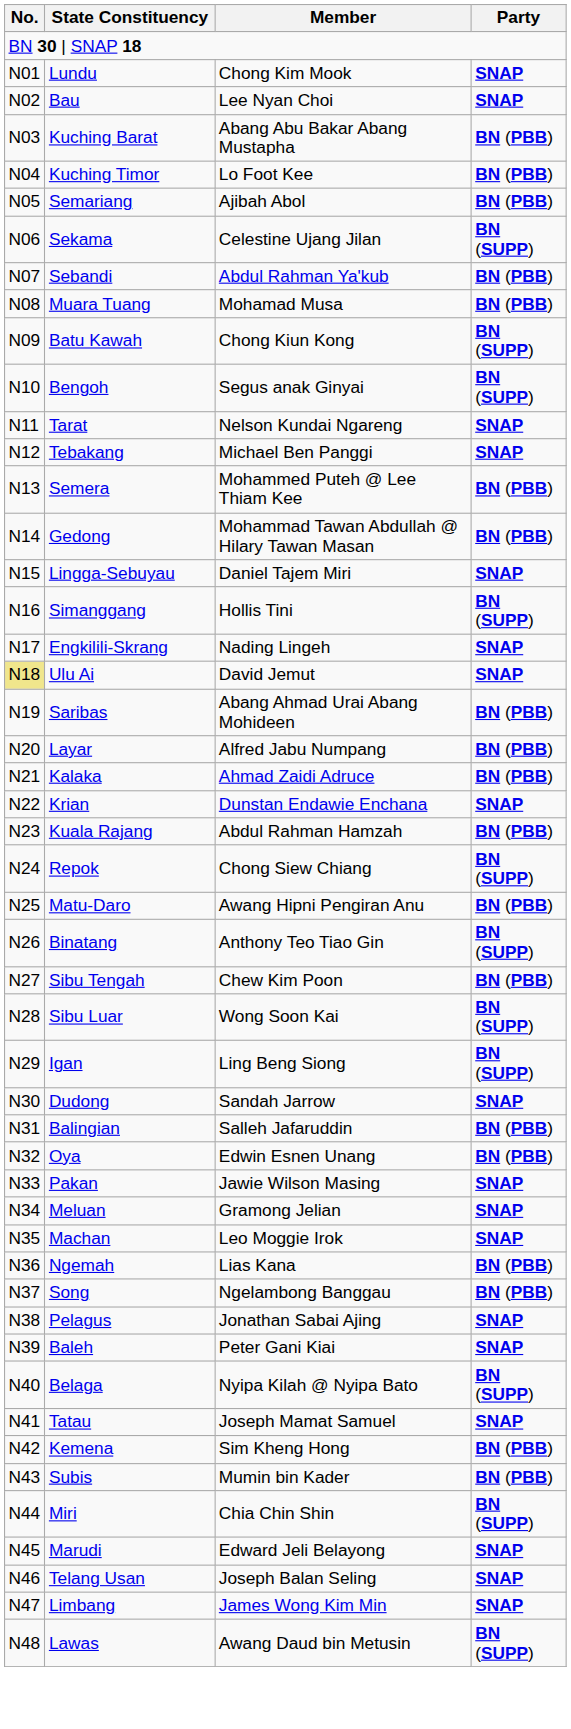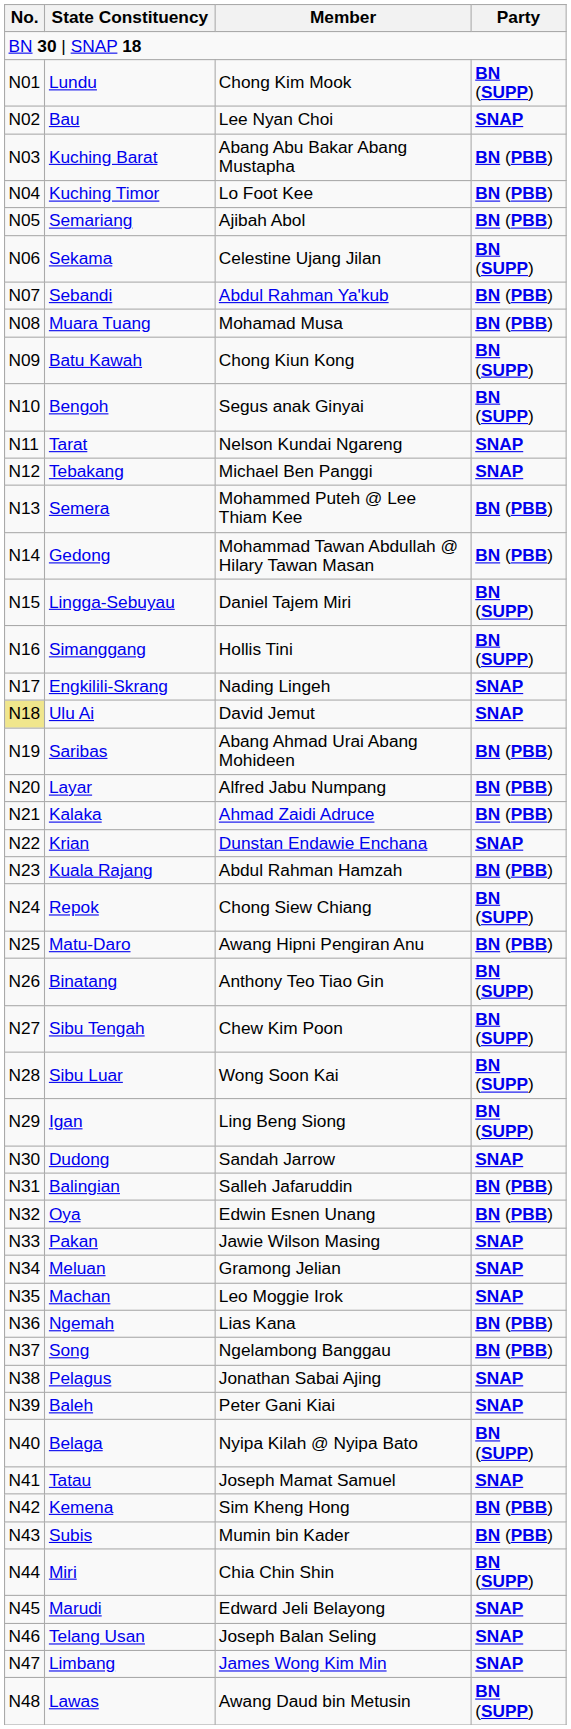 <table class="wikitable sortable">
 <tr>
 <th style="width:30px;">No.</th>
 <th style="width:150px;">State Constituency</th>
 <th style="width:230px;">Member</th>
 <th style="width:80px;">Party</th>
 </tr>
 <tr>
 <td colspan="4"><a href='#'>BN</a> <strong>30</strong> | <a href='#'>SNAP</a> <strong>18</strong></td>
 </tr>
 <tr>
 <td>N01</td>
 <td><a href='#'>Lundu</a></td>
 <td>Chong Kim Mook</td>
-<td><strong><a href='#'>SNAP</a></strong></td>
+<td><strong><a href='#'>BN</a></strong> (<strong><a href='#'>SUPP</a></strong>)</td>
 </tr>
 <tr>
 <td>N02</td>
 <td><a href='#'>Bau</a></td>
 <td>Lee Nyan Choi</td>
 <td><strong><a href='#'>SNAP</a></strong></td>
 </tr>
 <tr>
 <td>N03</td>
 <td><a href='#'>Kuching Barat</a></td>
 <td>Abang Abu Bakar Abang Mustapha</td>
 <td><strong><a href='#'>BN</a></strong> (<strong><a href='#'>PBB</a></strong>)</td>
 </tr>
 <tr>
 <td>N04</td>
 <td><a href='#'>Kuching Timor</a></td>
 <td>Lo Foot Kee</td>
 <td><strong><a href='#'>BN</a></strong> (<strong><a href='#'>PBB</a></strong>)</td>
 </tr>
 <tr>
 <td>N05</td>
 <td><a href='#'>Semariang</a></td>
 <td>Ajibah Abol</td>
 <td><strong><a href='#'>BN</a></strong> (<strong><a href='#'>PBB</a></strong>)</td>
 </tr>
 <tr>
 <td>N06</td>
 <td><a href='#'>Sekama</a></td>
 <td>Celestine Ujang Jilan</td>
 <td><strong><a href='#'>BN</a></strong> (<strong><a href='#'>SUPP</a></strong>)</td>
 </tr>
 <tr>
 <td>N07</td>
 <td><a href='#'>Sebandi</a></td>
 <td><a href='#'>Abdul Rahman Ya'kub</a></td>
 <td><strong><a href='#'>BN</a></strong> (<strong><a href='#'>PBB</a></strong>)</td>
 </tr>
 <tr>
 <td>N08</td>
 <td><a href='#'>Muara Tuang</a></td>
 <td>Mohamad Musa</td>
 <td><strong><a href='#'>BN</a></strong> (<strong><a href='#'>PBB</a></strong>)</td>
 </tr>
 <tr>
 <td>N09</td>
 <td><a href='#'>Batu Kawah</a></td>
 <td>Chong Kiun Kong</td>
 <td><strong><a href='#'>BN</a></strong> (<strong><a href='#'>SUPP</a></strong>)</td>
 </tr>
 <tr>
 <td>N10</td>
 <td><a href='#'>Bengoh</a></td>
 <td>Segus anak Ginyai</td>
 <td><strong><a href='#'>BN</a></strong> (<strong><a href='#'>SUPP</a></strong>)</td>
 </tr>
 <tr>
 <td>N11</td>
 <td><a href='#'>Tarat</a></td>
 <td>Nelson Kundai Ngareng</td>
 <td><strong><a href='#'>SNAP</a></strong></td>
 </tr>
 <tr>
 <td>N12</td>
 <td><a href='#'>Tebakang</a></td>
 <td>Michael Ben Panggi</td>
 <td><strong><a href='#'>SNAP</a></strong></td>
 </tr>
 <tr>
 <td>N13</td>
 <td><a href='#'>Semera</a></td>
 <td>Mohammed Puteh @ Lee Thiam Kee</td>
 <td><strong><a href='#'>BN</a></strong> (<strong><a href='#'>PBB</a></strong>)</td>
 </tr>
 <tr>
 <td>N14</td>
 <td><a href='#'>Gedong</a></td>
 <td>Mohammad Tawan Abdullah @ Hilary Tawan Masan</td>
 <td><strong><a href='#'>BN</a></strong> (<strong><a href='#'>PBB</a></strong>)</td>
 </tr>
 <tr>
 <td>N15</td>
 <td><a href='#'>Lingga-Sebuyau</a></td>
 <td>Daniel Tajem Miri</td>
-<td><strong><a href='#'>SNAP</a></strong></td>
+<td><strong><a href='#'>BN</a></strong> (<strong><a href='#'>SUPP</a></strong>)</td>
 </tr>
 <tr>
 <td>N16</td>
 <td><a href='#'>Simanggang</a></td>
 <td>Hollis Tini</td>
 <td><strong><a href='#'>BN</a></strong> (<strong><a href='#'>SUPP</a></strong>)</td>
 </tr>
 <tr>
 <td>N17</td>
 <td><a href='#'>Engkilili-Skrang</a></td>
 <td>Nading Lingeh</td>
 <td><strong><a href='#'>SNAP</a></strong></td>
 </tr>
 <tr>
 <td style="background: khaki;">N18</td>
 <td><a href='#'>Ulu Ai</a></td>
 <td>David Jemut</td>
 <td><strong><a href='#'>SNAP</a></strong></td>
 </tr>
 <tr>
 <td>N19</td>
 <td><a href='#'>Saribas</a></td>
 <td>Abang Ahmad Urai Abang Mohideen</td>
 <td><strong><a href='#'>BN</a></strong> (<strong><a href='#'>PBB</a></strong>)</td>
 </tr>
 <tr>
 <td>N20</td>
 <td><a href='#'>Layar</a></td>
 <td>Alfred Jabu Numpang</td>
 <td><strong><a href='#'>BN</a></strong> (<strong><a href='#'>PBB</a></strong>)</td>
 </tr>
 <tr>
 <td>N21</td>
 <td><a href='#'>Kalaka</a></td>
 <td><a href='#'>Ahmad Zaidi Adruce</a></td>
 <td><strong><a href='#'>BN</a></strong> (<strong><a href='#'>PBB</a></strong>)</td>
 </tr>
 <tr>
 <td>N22</td>
 <td><a href='#'>Krian</a></td>
 <td><a href='#'>Dunstan Endawie Enchana</a></td>
 <td><strong><a href='#'>SNAP</a></strong></td>
 </tr>
 <tr>
 <td>N23</td>
 <td><a href='#'>Kuala Rajang</a></td>
 <td>Abdul Rahman Hamzah</td>
 <td><strong><a href='#'>BN</a></strong> (<strong><a href='#'>PBB</a></strong>)</td>
 </tr>
 <tr>
 <td>N24</td>
 <td><a href='#'>Repok</a></td>
 <td>Chong Siew Chiang</td>
 <td><strong><a href='#'>BN</a></strong> (<strong><a href='#'>SUPP</a></strong>)</td>
 </tr>
 <tr>
 <td>N25</td>
 <td><a href='#'>Matu-Daro</a></td>
 <td>Awang Hipni Pengiran Anu</td>
 <td><strong><a href='#'>BN</a></strong> (<strong><a href='#'>PBB</a></strong>)</td>
 </tr>
 <tr>
 <td>N26</td>
 <td><a href='#'>Binatang</a></td>
 <td>Anthony Teo Tiao Gin</td>
 <td><strong><a href='#'>BN</a></strong> (<strong><a href='#'>SUPP</a></strong>)</td>
 </tr>
 <tr>
 <td>N27</td>
 <td><a href='#'>Sibu Tengah</a></td>
 <td>Chew Kim Poon</td>
-<td><strong><a href='#'>BN</a></strong> (<strong><a href='#'>PBB</a></strong>)</td>
+<td><strong><a href='#'>BN</a></strong> (<strong><a href='#'>SUPP</a></strong>)</td>
 </tr>
 <tr>
 <td>N28</td>
 <td><a href='#'>Sibu Luar</a></td>
 <td>Wong Soon Kai</td>
 <td><strong><a href='#'>BN</a></strong> (<strong><a href='#'>SUPP</a></strong>)</td>
 </tr>
 <tr>
 <td>N29</td>
 <td><a href='#'>Igan</a></td>
 <td>Ling Beng Siong</td>
 <td><strong><a href='#'>BN</a></strong> (<strong><a href='#'>SUPP</a></strong>)</td>
 </tr>
 <tr>
 <td>N30</td>
 <td><a href='#'>Dudong</a></td>
 <td>Sandah Jarrow</td>
 <td><strong><a href='#'>SNAP</a></strong></td>
 </tr>
 <tr>
 <td>N31</td>
 <td><a href='#'>Balingian</a></td>
 <td>Salleh Jafaruddin</td>
 <td><strong><a href='#'>BN</a></strong> (<strong><a href='#'>PBB</a></strong>)</td>
 </tr>
 <tr>
 <td>N32</td>
 <td><a href='#'>Oya</a></td>
 <td>Edwin Esnen Unang</td>
 <td><strong><a href='#'>BN</a></strong> (<strong><a href='#'>PBB</a></strong>)</td>
 </tr>
 <tr>
 <td>N33</td>
 <td><a href='#'>Pakan</a></td>
 <td>Jawie Wilson Masing</td>
 <td><strong><a href='#'>SNAP</a></strong></td>
 </tr>
 <tr>
 <td>N34</td>
 <td><a href='#'>Meluan</a></td>
 <td>Gramong Jelian</td>
 <td><strong><a href='#'>SNAP</a></strong></td>
 </tr>
 <tr>
 <td>N35</td>
 <td><a href='#'>Machan</a></td>
 <td>Leo Moggie Irok</td>
 <td><strong><a href='#'>SNAP</a></strong></td>
 </tr>
 <tr>
 <td>N36</td>
 <td><a href='#'>Ngemah</a></td>
 <td>Lias Kana</td>
 <td><strong><a href='#'>BN</a></strong> (<strong><a href='#'>PBB</a></strong>)</td>
 </tr>
 <tr>
 <td>N37</td>
 <td><a href='#'>Song</a></td>
 <td>Ngelambong Banggau</td>
 <td><strong><a href='#'>BN</a></strong> (<strong><a href='#'>PBB</a></strong>)</td>
 </tr>
 <tr>
 <td>N38</td>
 <td><a href='#'>Pelagus</a></td>
 <td>Jonathan Sabai Ajing</td>
 <td><strong><a href='#'>SNAP</a></strong></td>
 </tr>
 <tr>
 <td>N39</td>
 <td><a href='#'>Baleh</a></td>
 <td>Peter Gani Kiai</td>
 <td><strong><a href='#'>SNAP</a></strong></td>
 </tr>
 <tr>
 <td>N40</td>
 <td><a href='#'>Belaga</a></td>
 <td>Nyipa Kilah @ Nyipa Bato</td>
 <td><strong><a href='#'>BN</a></strong> (<strong><a href='#'>SUPP</a></strong>)</td>
 </tr>
 <tr>
 <td>N41</td>
 <td><a href='#'>Tatau</a></td>
 <td>Joseph Mamat Samuel</td>
 <td><strong><a href='#'>SNAP</a></strong></td>
 </tr>
 <tr>
 <td>N42</td>
 <td><a href='#'>Kemena</a></td>
 <td>Sim Kheng Hong</td>
 <td><strong><a href='#'>BN</a></strong>  (<strong><a href='#'>PBB</a></strong>)</td>
 </tr>
 <tr>
 <td>N43</td>
 <td><a href='#'>Subis</a></td>
 <td>Mumin bin Kader</td>
 <td><strong><a href='#'>BN</a></strong> (<strong><a href='#'>PBB</a></strong>)</td>
 </tr>
 <tr>
 <td>N44</td>
 <td><a href='#'>Miri</a></td>
 <td>Chia Chin Shin</td>
 <td><strong><a href='#'>BN</a></strong> (<strong><a href='#'>SUPP</a></strong>)</td>
 </tr>
 <tr>
 <td>N45</td>
 <td><a href='#'>Marudi</a></td>
 <td>Edward Jeli Belayong</td>
 <td><strong><a href='#'>SNAP</a></strong></td>
 </tr>
 <tr>
 <td>N46</td>
 <td><a href='#'>Telang Usan</a></td>
 <td>Joseph Balan Seling</td>
 <td><strong><a href='#'>SNAP</a></strong></td>
 </tr>
 <tr>
 <td>N47</td>
 <td><a href='#'>Limbang</a></td>
 <td><a href='#'>James Wong Kim Min</a></td>
 <td><strong><a href='#'>SNAP</a></strong></td>
 </tr>
 <tr>
 <td>N48</td>
 <td><a href='#'>Lawas</a></td>
 <td>Awang Daud bin Metusin</td>
 <td><strong><a href='#'>BN</a></strong> (<strong><a href='#'>SUPP</a></strong>)</td>
 </tr>
 </table>
